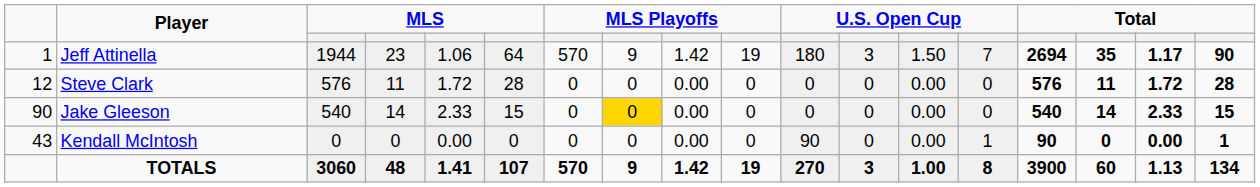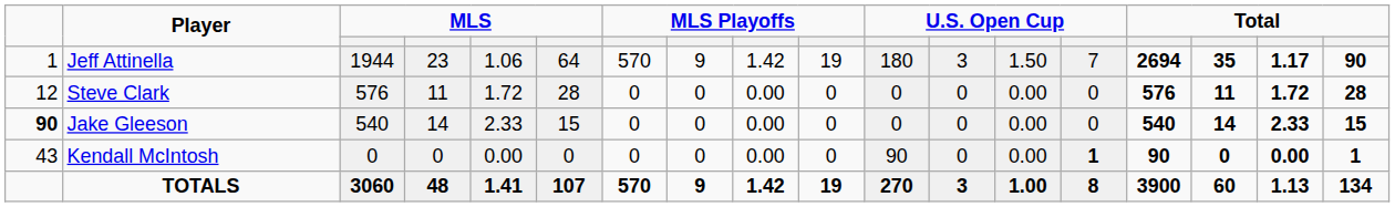 <table class="wikitable" style="font-size: 90%; text-align: center;">
 <tr>
 <td rowspan="2" style="width:35px; text-align:center;"><strong></strong></td>
 <td rowspan="2" style="width:195px; text-align:center;"><strong>Player</strong></td>
 <td colspan="4" style="text-align:center;"><strong><a href='#'>MLS</a></strong></td>
 <td colspan="4" style="text-align:center;"><strong><a href='#'>MLS Playoffs</a></strong></td>
 <td colspan="4" style="text-align:center;"><strong><a href='#'>U.S. Open Cup</a></strong></td>
 <td colspan="4" style="text-align:center;"><strong>Total</strong></td>
 </tr>
 <tr>
 <th width=41></th>
 <th width=41></th>
 <th width=41></th>
 <th width=41></th>
 <th width=41></th>
 <th width=41></th>
 <th width=41></th>
 <th width=41></th>
 <th width=41></th>
 <th width=41></th>
 <th width=41></th>
 <th width=41></th>
 <th width=41></th>
 <th width=41></th>
 <th width=41></th>
 <th width=41></th>
 </tr>
 <tr>
 <td style="text-align: right;">1</td>
 <td style="text-align: left;"> <a href='#'>Jeff Attinella</a></td>
 <td style="background: #F0F0F0;">1944</td>
 <td style="background: #F0F0F0;">23</td>
 <td style="background: #F0F0F0;">1.06</td>
 <td style="background: #F0F0F0;">64</td>
 <td>570</td>
 <td>9</td>
 <td>1.42</td>
 <td>19</td>
 <td style="background: #F0F0F0;">180</td>
 <td style="background: #F0F0F0;">3</td>
 <td style="background: #F0F0F0;">1.50</td>
 <td style="background: #F0F0F0;">7</td>
 <td><strong>2694</strong></td>
 <td><strong>35</strong></td>
 <td><strong>1.17</strong></td>
 <td><strong>90</strong></td>
 </tr>
 <tr>
 <td style="text-align: right;">12</td>
 <td style="text-align: left;"> <a href='#'>Steve Clark</a></td>
 <td style="background: #F0F0F0;">576</td>
 <td style="background: #F0F0F0;">11</td>
 <td style="background: #F0F0F0;">1.72</td>
 <td style="background: #F0F0F0;">28</td>
 <td>0</td>
 <td>0</td>
 <td>0.00</td>
 <td>0</td>
 <td style="background: #F0F0F0;">0</td>
 <td style="background: #F0F0F0;">0</td>
 <td style="background: #F0F0F0;">0.00</td>
 <td style="background: #F0F0F0;">0</td>
 <td><strong>576</strong></td>
 <td><strong>11</strong></td>
 <td><strong>1.72</strong></td>
 <td><strong>28</strong></td>
 </tr>
 <tr>
-<td style="text-align: right;">90</td>
+<td style="text-align: right;"><strong>90</strong></td>
 <td style="text-align: left;"> <a href='#'>Jake Gleeson</a></td>
 <td style="background: #F0F0F0;">540</td>
 <td style="background: #F0F0F0;">14</td>
 <td style="background: #F0F0F0;">2.33</td>
 <td style="background: #F0F0F0;">15</td>
 <td>0</td>
-<td style="background: gold;">0</td>
+<td>0</td>
 <td>0.00</td>
 <td>0</td>
 <td style="background: #F0F0F0;">0</td>
 <td style="background: #F0F0F0;">0</td>
 <td style="background: #F0F0F0;">0.00</td>
 <td style="background: #F0F0F0;">0</td>
 <td><strong>540</strong></td>
 <td><strong>14</strong></td>
 <td><strong>2.33</strong></td>
 <td><strong>15</strong></td>
 </tr>
 <tr>
 <td style="text-align: right;">43</td>
 <td style="text-align: left;"> <a href='#'>Kendall McIntosh</a></td>
 <td style="background: #F0F0F0;">0</td>
 <td style="background: #F0F0F0;">0</td>
 <td style="background: #F0F0F0;">0.00</td>
 <td style="background: #F0F0F0;">0</td>
 <td>0</td>
 <td>0</td>
 <td>0.00</td>
 <td>0</td>
 <td style="background: #F0F0F0;">90</td>
 <td style="background: #F0F0F0;">0</td>
 <td style="background: #F0F0F0;">0.00</td>
-<td style="background: #F0F0F0;">1</td>
+<td style="background: #F0F0F0;"><strong>1</strong></td>
 <td><strong>90</strong></td>
 <td><strong>0</strong></td>
 <td><strong>0.00</strong></td>
 <td><strong>1</strong></td>
 </tr>
 <tr>
 <td></td>
 <td><strong>TOTALS</strong></td>
 <td style="background: #F0F0F0;"><strong>3060</strong></td>
 <td style="background: #F0F0F0;"><strong>48</strong></td>
 <td style="background: #F0F0F0;"><strong>1.41</strong></td>
 <td style="background: #F0F0F0;"><strong>107</strong></td>
 <td><strong>570</strong></td>
 <td><strong>9</strong></td>
 <td><strong>1.42</strong></td>
 <td><strong>19</strong></td>
 <td style="background: #F0F0F0;"><strong>270</strong></td>
 <td style="background: #F0F0F0;"><strong>3</strong></td>
 <td style="background: #F0F0F0;"><strong>1.00</strong></td>
 <td style="background: #F0F0F0;"><strong>8</strong></td>
 <td><strong>3900</strong></td>
 <td><strong>60</strong></td>
 <td><strong>1.13</strong></td>
 <td><strong>134</strong></td>
 </tr>
 </table>
